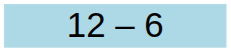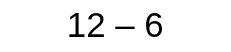 <table style="text-align:center">
 <tr>
 <th width=200></th>
 <th width=100></th>
 <th width=200></th>
 </tr>
 <tr>
 <td align=right><strong></strong></td>
-<td style="background: lightblue;">12 – 6</td>
+<td>12 – 6</td>
 <td align=left></td>
 </tr>
 </table>
